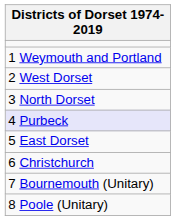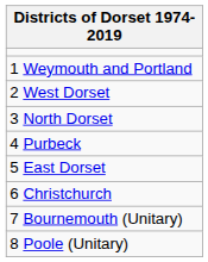 <table class="wikitable" border="1" align="right" width=200px>
 <tr>
 <th>Districts of Dorset 1974-2019</th>
 </tr>
 <tr>
 <td></td>
 </tr>
 <tr>
 <td>1 <a href='#'>Weymouth and Portland</a></td>
 </tr>
 <tr>
 <td>2 <a href='#'>West Dorset</a></td>
 </tr>
 <tr>
 <td>3 <a href='#'>North Dorset</a></td>
 </tr>
 <tr>
-<td style="background: lavender;">4 <a href='#'>Purbeck</a></td>
+<td>4 <a href='#'>Purbeck</a></td>
 </tr>
 <tr>
 <td>5 <a href='#'>East Dorset</a></td>
 </tr>
 <tr>
 <td>6 <a href='#'>Christchurch</a></td>
 </tr>
 <tr>
 <td>7 <a href='#'>Bournemouth</a> (Unitary)</td>
 </tr>
 <tr>
 <td>8 <a href='#'>Poole</a> (Unitary)</td>
 </tr>
 </table>
